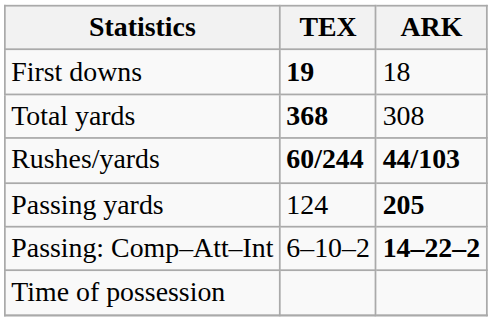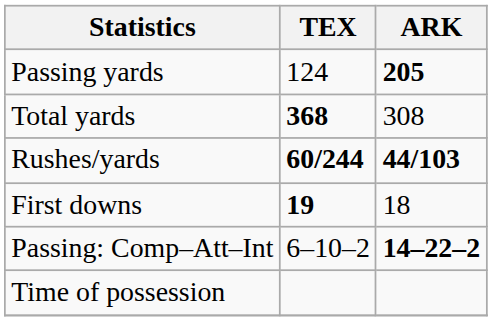 <table class="wikitable" style="float: left;">
 <tr>
 <th>Statistics</th>
 <th>TEX</th>
 <th>ARK</th>
 </tr>
 <tr>
-<td>First downs</td>
-<td><strong>19</strong></td>
-<td>18</td>
+<td>Passing yards</td>
+<td>124</td>
+<td><strong>205</strong></td>
 </tr>
 <tr>
 <td>Total yards</td>
 <td><strong>368</strong></td>
 <td>308</td>
 </tr>
 <tr>
 <td>Rushes/yards</td>
 <td><strong>60/244</strong></td>
 <td><strong>44/103</strong></td>
 </tr>
 <tr>
-<td>Passing yards</td>
-<td>124</td>
-<td><strong>205</strong></td>
+<td>First downs</td>
+<td><strong>19</strong></td>
+<td>18</td>
 </tr>
 <tr>
 <td>Passing: Comp–Att–Int</td>
 <td>6–10–2</td>
 <td><strong>14–22–2</strong></td>
 </tr>
 <tr>
 <td>Time of possession</td>
 <td></td>
 <td></td>
 </tr>
 <tr>
 </tr>
 </table>
